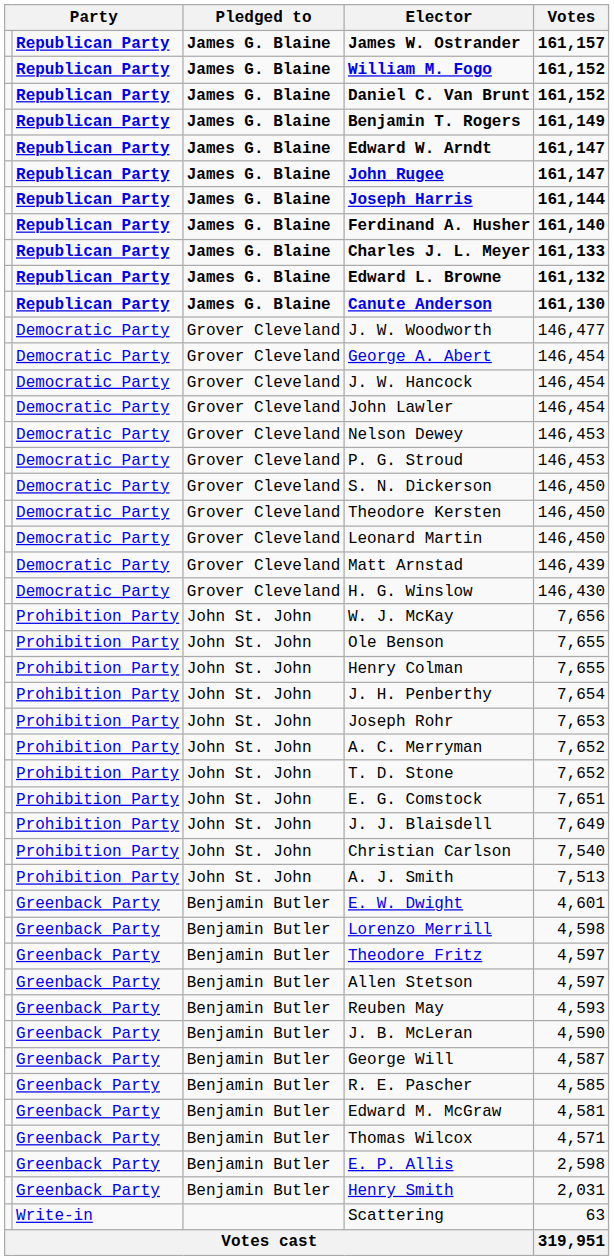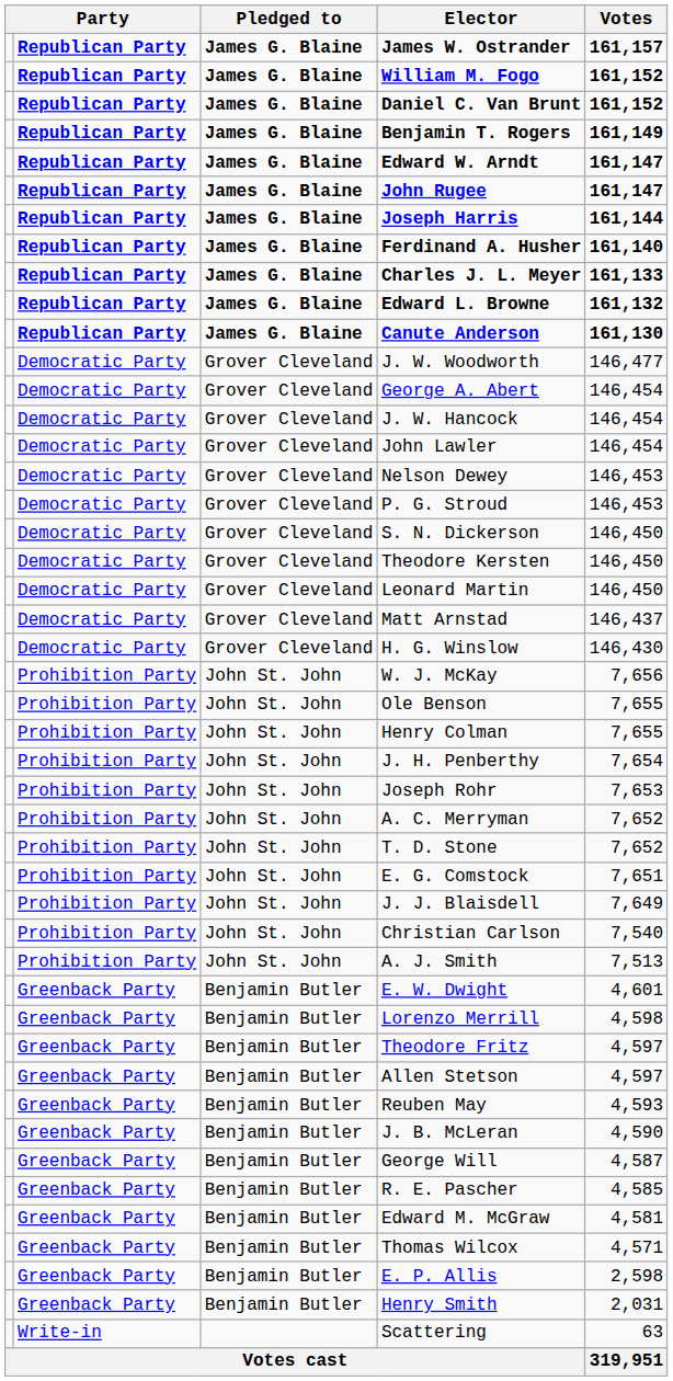 <table class="wikitable">
 <tr>
 <th colspan=2>Party</th>
 <th>Pledged to</th>
 <th>Elector</th>
 <th>Votes</th>
 </tr>
 <tr style="font-weight:bold">
 <td></td>
 <td><a href='#'>Republican Party</a></td>
 <td>James G. Blaine</td>
 <td>James W. Ostrander</td>
 <td align="right">161,157</td>
 </tr>
 <tr style="font-weight:bold">
 <td></td>
 <td><a href='#'>Republican Party</a></td>
 <td>James G. Blaine</td>
 <td><a href='#'>William M. Fogo</a></td>
 <td align="right">161,152</td>
 </tr>
 <tr style="font-weight:bold">
 <td></td>
 <td><a href='#'>Republican Party</a></td>
 <td>James G. Blaine</td>
 <td>Daniel C. Van Brunt</td>
 <td align="right">161,152</td>
 </tr>
 <tr style="font-weight:bold">
 <td></td>
 <td><a href='#'>Republican Party</a></td>
 <td>James G. Blaine</td>
 <td>Benjamin T. Rogers</td>
 <td align="right">161,149</td>
 </tr>
 <tr style="font-weight:bold">
 <td></td>
 <td><a href='#'>Republican Party</a></td>
 <td>James G. Blaine</td>
 <td>Edward W. Arndt</td>
 <td align="right">161,147</td>
 </tr>
 <tr style="font-weight:bold">
 <td></td>
 <td><a href='#'>Republican Party</a></td>
 <td>James G. Blaine</td>
 <td><a href='#'>John Rugee</a></td>
 <td align="right">161,147</td>
 </tr>
 <tr style="font-weight:bold">
 <td></td>
 <td><a href='#'>Republican Party</a></td>
 <td>James G. Blaine</td>
 <td><a href='#'>Joseph Harris</a></td>
 <td align="right">161,144</td>
 </tr>
 <tr style="font-weight:bold">
 <td></td>
 <td><a href='#'>Republican Party</a></td>
 <td>James G. Blaine</td>
 <td>Ferdinand A. Husher</td>
 <td align="right">161,140</td>
 </tr>
 <tr style="font-weight:bold">
 <td></td>
 <td><a href='#'>Republican Party</a></td>
 <td>James G. Blaine</td>
 <td>Charles J. L. Meyer</td>
 <td align="right">161,133</td>
 </tr>
 <tr style="font-weight:bold">
 <td></td>
 <td><a href='#'>Republican Party</a></td>
 <td>James G. Blaine</td>
 <td>Edward L. Browne</td>
 <td align="right">161,132</td>
 </tr>
 <tr style="font-weight:bold">
 <td></td>
 <td><a href='#'>Republican Party</a></td>
 <td>James G. Blaine</td>
 <td><a href='#'>Canute Anderson</a></td>
 <td align="right">161,130</td>
 </tr>
 <tr>
 <td></td>
 <td><a href='#'>Democratic Party</a></td>
 <td>Grover Cleveland</td>
 <td>J. W. Woodworth</td>
 <td align="right">146,477</td>
 </tr>
 <tr>
 <td></td>
 <td><a href='#'>Democratic Party</a></td>
 <td>Grover Cleveland</td>
 <td><a href='#'>George A. Abert</a></td>
 <td align="right">146,454</td>
 </tr>
 <tr>
 <td></td>
 <td><a href='#'>Democratic Party</a></td>
 <td>Grover Cleveland</td>
 <td>J. W. Hancock</td>
 <td align="right">146,454</td>
 </tr>
 <tr>
 <td></td>
 <td><a href='#'>Democratic Party</a></td>
 <td>Grover Cleveland</td>
 <td>John Lawler</td>
 <td align="right">146,454</td>
 </tr>
 <tr>
 <td></td>
 <td><a href='#'>Democratic Party</a></td>
 <td>Grover Cleveland</td>
 <td>Nelson Dewey</td>
 <td align="right">146,453</td>
 </tr>
 <tr>
 <td></td>
 <td><a href='#'>Democratic Party</a></td>
 <td>Grover Cleveland</td>
 <td>P. G. Stroud</td>
 <td align="right">146,453</td>
 </tr>
 <tr>
 <td></td>
 <td><a href='#'>Democratic Party</a></td>
 <td>Grover Cleveland</td>
 <td>S. N. Dickerson</td>
 <td align="right">146,450</td>
 </tr>
 <tr>
 <td></td>
 <td><a href='#'>Democratic Party</a></td>
 <td>Grover Cleveland</td>
 <td>Theodore Kersten</td>
 <td align="right">146,450</td>
 </tr>
 <tr>
 <td></td>
 <td><a href='#'>Democratic Party</a></td>
 <td>Grover Cleveland</td>
 <td>Leonard Martin</td>
 <td align="right">146,450</td>
 </tr>
 <tr>
 <td></td>
 <td><a href='#'>Democratic Party</a></td>
 <td>Grover Cleveland</td>
 <td>Matt Arnstad</td>
-<td align="right">146,439</td>
+<td align="right">146,437</td>
 </tr>
 <tr>
 <td></td>
 <td><a href='#'>Democratic Party</a></td>
 <td>Grover Cleveland</td>
 <td>H. G. Winslow</td>
 <td align="right">146,430</td>
 </tr>
 <tr>
 <td></td>
 <td><a href='#'>Prohibition Party</a></td>
 <td>John St. John</td>
 <td>W. J. McKay</td>
 <td align="right">7,656</td>
 </tr>
 <tr>
 <td></td>
 <td><a href='#'>Prohibition Party</a></td>
 <td>John St. John</td>
 <td>Ole Benson</td>
 <td align="right">7,655</td>
 </tr>
 <tr>
 <td></td>
 <td><a href='#'>Prohibition Party</a></td>
 <td>John St. John</td>
 <td>Henry Colman</td>
 <td align="right">7,655</td>
 </tr>
 <tr>
 <td></td>
 <td><a href='#'>Prohibition Party</a></td>
 <td>John St. John</td>
 <td>J. H. Penberthy</td>
 <td align="right">7,654</td>
 </tr>
 <tr>
 <td></td>
 <td><a href='#'>Prohibition Party</a></td>
 <td>John St. John</td>
 <td>Joseph Rohr</td>
 <td align="right">7,653</td>
 </tr>
 <tr>
 <td></td>
 <td><a href='#'>Prohibition Party</a></td>
 <td>John St. John</td>
 <td>A. C. Merryman</td>
 <td align="right">7,652</td>
 </tr>
 <tr>
 <td></td>
 <td><a href='#'>Prohibition Party</a></td>
 <td>John St. John</td>
 <td>T. D. Stone</td>
 <td align="right">7,652</td>
 </tr>
 <tr>
 <td></td>
 <td><a href='#'>Prohibition Party</a></td>
 <td>John St. John</td>
 <td>E. G. Comstock</td>
 <td align="right">7,651</td>
 </tr>
 <tr>
 <td></td>
 <td><a href='#'>Prohibition Party</a></td>
 <td>John St. John</td>
 <td>J. J. Blaisdell</td>
 <td align="right">7,649</td>
 </tr>
 <tr>
 <td></td>
 <td><a href='#'>Prohibition Party</a></td>
 <td>John St. John</td>
 <td>Christian Carlson</td>
 <td align="right">7,540</td>
 </tr>
 <tr>
 <td></td>
 <td><a href='#'>Prohibition Party</a></td>
 <td>John St. John</td>
 <td>A. J. Smith</td>
 <td align="right">7,513</td>
 </tr>
 <tr>
 <td></td>
 <td><a href='#'>Greenback Party</a></td>
 <td>Benjamin Butler</td>
 <td><a href='#'>E. W. Dwight</a></td>
 <td align="right">4,601</td>
 </tr>
 <tr>
 <td></td>
 <td><a href='#'>Greenback Party</a></td>
 <td>Benjamin Butler</td>
 <td><a href='#'>Lorenzo Merrill</a></td>
 <td align="right">4,598</td>
 </tr>
 <tr>
 <td></td>
 <td><a href='#'>Greenback Party</a></td>
 <td>Benjamin Butler</td>
 <td><a href='#'>Theodore Fritz</a></td>
 <td align="right">4,597</td>
 </tr>
 <tr>
 <td></td>
 <td><a href='#'>Greenback Party</a></td>
 <td>Benjamin Butler</td>
 <td>Allen Stetson</td>
 <td align="right">4,597</td>
 </tr>
 <tr>
 <td></td>
 <td><a href='#'>Greenback Party</a></td>
 <td>Benjamin Butler</td>
 <td>Reuben May</td>
 <td align="right">4,593</td>
 </tr>
 <tr>
 <td></td>
 <td><a href='#'>Greenback Party</a></td>
 <td>Benjamin Butler</td>
 <td>J. B. McLeran</td>
 <td align="right">4,590</td>
 </tr>
 <tr>
 <td></td>
 <td><a href='#'>Greenback Party</a></td>
 <td>Benjamin Butler</td>
 <td>George Will</td>
 <td align="right">4,587</td>
 </tr>
 <tr>
 <td></td>
 <td><a href='#'>Greenback Party</a></td>
 <td>Benjamin Butler</td>
 <td>R. E. Pascher</td>
 <td align="right">4,585</td>
 </tr>
 <tr>
 <td></td>
 <td><a href='#'>Greenback Party</a></td>
 <td>Benjamin Butler</td>
 <td>Edward M. McGraw</td>
 <td align="right">4,581</td>
 </tr>
 <tr>
 <td></td>
 <td><a href='#'>Greenback Party</a></td>
 <td>Benjamin Butler</td>
 <td>Thomas Wilcox</td>
 <td align="right">4,571</td>
 </tr>
 <tr>
 <td></td>
 <td><a href='#'>Greenback Party</a></td>
 <td>Benjamin Butler</td>
 <td><a href='#'>E. P. Allis</a></td>
 <td align="right">2,598</td>
 </tr>
 <tr>
 <td></td>
 <td><a href='#'>Greenback Party</a></td>
 <td>Benjamin Butler</td>
 <td><a href='#'>Henry Smith</a></td>
 <td align="right">2,031</td>
 </tr>
 <tr>
 <td></td>
 <td><a href='#'>Write-in</a></td>
 <td></td>
 <td>Scattering</td>
 <td align="right">63</td>
 </tr>
 <tr>
 <th colspan="4">Votes cast</th>
 <th>319,951</th>
 </tr>
 </table>
